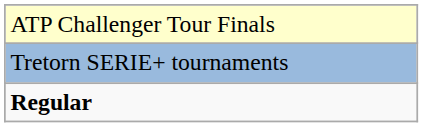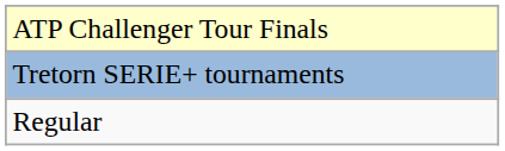 <table class=wikitable style=font-size:85% width=15%>
 <tr bgcolor=#ffffcc>
 <td>ATP Challenger Tour Finals</td>
 </tr>
 <tr bgcolor=#99BADD>
 <td>Tretorn SERIE+ tournaments</td>
 </tr>
 <tr>
-<td><strong>Regular</strong></td>
+<td>Regular</td>
 </tr>
 </table>
